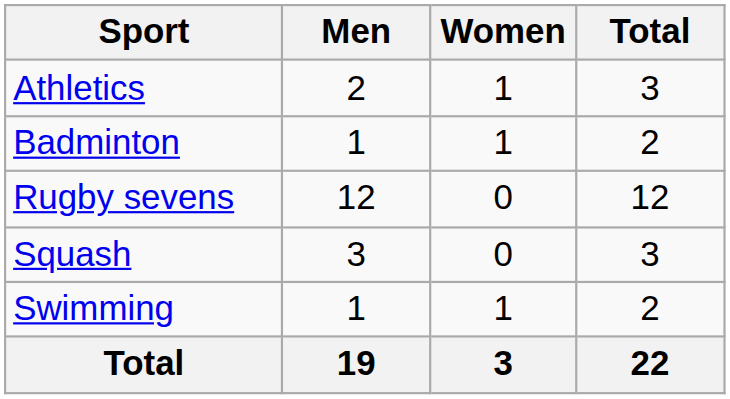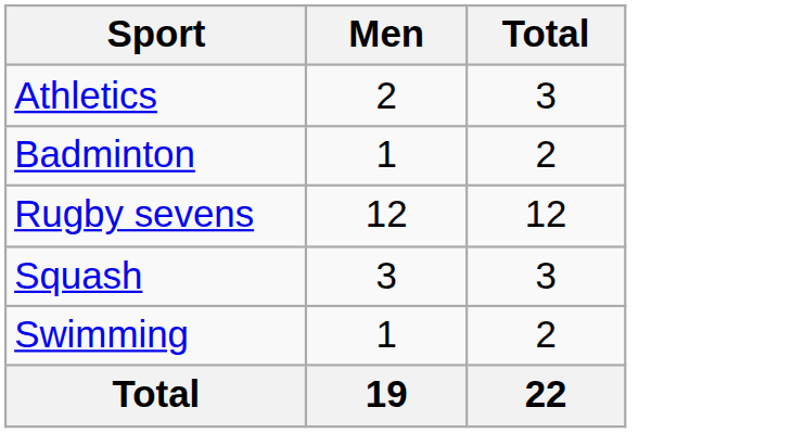 <table class="wikitable sortable" style="text-align:center;">
 <tr>
 <th width=120>Sport</th>
 <th width=60>Men</th>
-<th width=60>Women</th>
 <th width=60>Total</th>
 </tr>
 <tr>
 <td align=left><a href='#'>Athletics</a></td>
 <td>2</td>
-<td>1</td>
 <td>3</td>
 </tr>
 <tr>
 <td align=left><a href='#'>Badminton</a></td>
-<td>1</td>
 <td>1</td>
 <td>2</td>
 </tr>
 <tr>
 <td align=left><a href='#'>Rugby sevens</a></td>
 <td>12</td>
-<td>0</td>
 <td>12</td>
 </tr>
 <tr>
 <td align=left><a href='#'>Squash</a></td>
 <td>3</td>
-<td>0</td>
 <td>3</td>
 </tr>
 <tr>
 <td align=left><a href='#'>Swimming</a></td>
-<td>1</td>
 <td>1</td>
 <td>2</td>
 </tr>
 <tr>
 <th>Total</th>
 <th>19</th>
-<th>3</th>
 <th>22</th>
 </tr>
 </table>
